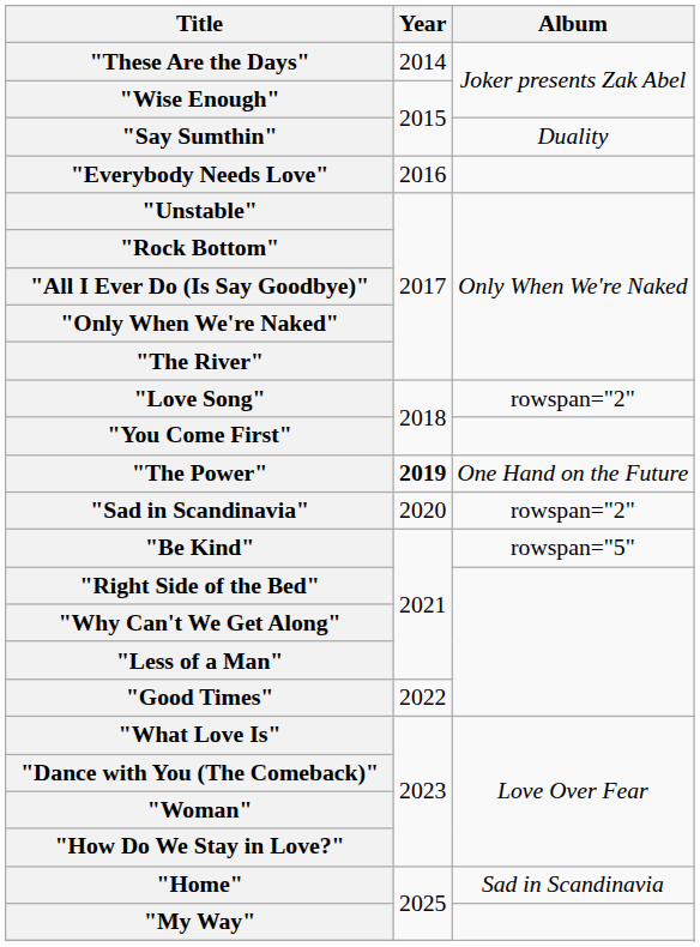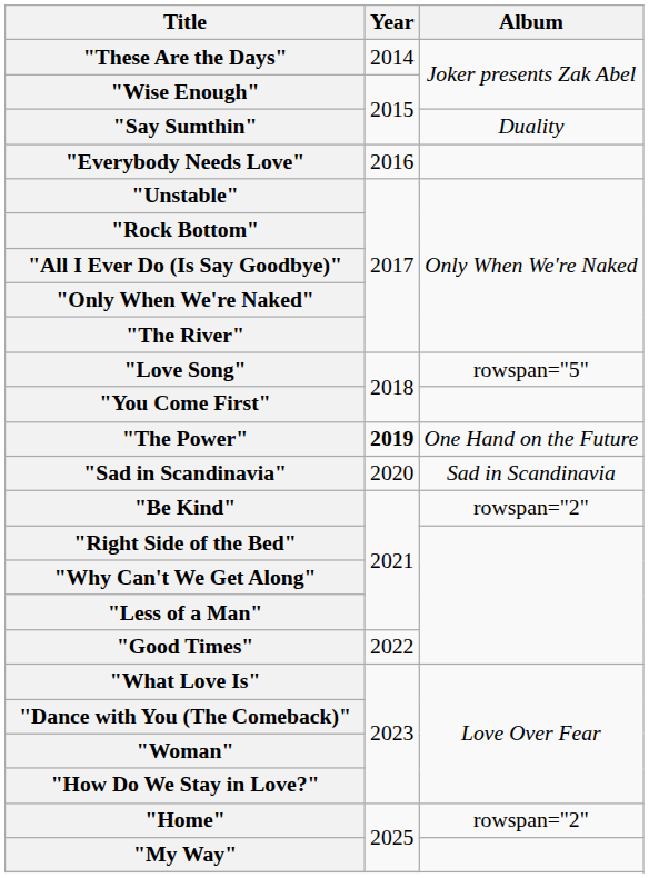 <table class="wikitable plainrowheaders" style="text-align:center">
 <tr>
 <th scope="col" style="width:16em;">Title</th>
 <th scope="col" style="width:1em;">Year</th>
 <th scope="col">Album</th>
 </tr>
 <tr>
 <th scope="row">"These Are the Days"</th>
 <td>2014</td>
 <td rowspan="2"><em>Joker presents Zak Abel</em></td>
 </tr>
 <tr>
 <th scope="row">"Wise Enough"<br></th>
 <td rowspan="2">2015</td>
 </tr>
 <tr>
 <th scope="row">"Say Sumthin"</th>
 <td><em>Duality</em></td>
 </tr>
 <tr>
 <th scope="row">"Everybody Needs Love"</th>
 <td>2016</td>
 <td></td>
 </tr>
 <tr>
 <th scope="row">"Unstable"</th>
 <td rowspan="5">2017</td>
 <td rowspan="5"><em>Only When We're Naked</em></td>
 </tr>
 <tr>
 <th scope="row">"Rock Bottom"<br></th>
 </tr>
 <tr>
 <th scope="row">"All I Ever Do (Is Say Goodbye)"</th>
 </tr>
 <tr>
 <th scope="row">"Only When We're Naked"</th>
 </tr>
 <tr>
 <th scope="row">"The River"</th>
 </tr>
 <tr>
 <th scope="row">"Love Song"</th>
 <td rowspan="2">2018</td>
-<td>rowspan="2" </td>
+<td>rowspan="5" </td>
 </tr>
 <tr>
 <th scope="row">"You Come First"<br></th>
 </tr>
 <tr>
 <th scope="row">"The Power"<br></th>
 <td><strong>2019</strong></td>
 <td><em>One Hand on the Future</em></td>
 </tr>
 <tr>
 <th scope="row">"Sad in Scandinavia" <br></th>
 <td>2020</td>
-<td>rowspan="2" </td>
+<td><em>Sad in Scandinavia</em></td>
 </tr>
 <tr>
 <th scope="row">"Be Kind"</th>
 <td rowspan="4">2021</td>
-<td>rowspan="5" </td>
+<td>rowspan="2" </td>
 </tr>
 <tr>
 <th scope="row">"Right Side of the Bed"</th>
 </tr>
 <tr>
 <th scope="row">"Why Can't We Get Along"</th>
 </tr>
 <tr>
 <th scope="row">"Less of a Man"</th>
 </tr>
 <tr>
 <th scope="row">"Good Times"<br></th>
 <td>2022</td>
 </tr>
 <tr>
 <th scope="row">"What Love Is"</th>
 <td rowspan="4">2023</td>
 <td rowspan="4"><em>Love Over Fear</em></td>
 </tr>
 <tr>
 <th scope="row">"Dance with You (The Comeback)"</th>
 </tr>
 <tr>
 <th scope="row">"Woman"</th>
 </tr>
 <tr>
 <th scope="row">"How Do We Stay in Love?"</th>
 </tr>
 <tr>
 <th scope="row">"Home"</th>
 <td rowspan="2">2025</td>
-<td><em>Sad in Scandinavia</em></td>
+<td>rowspan="2" </td>
 </tr>
 <tr>
 <th scope="row">"My Way"</th>
 </tr>
 <tr>
 </tr>
 </table>
